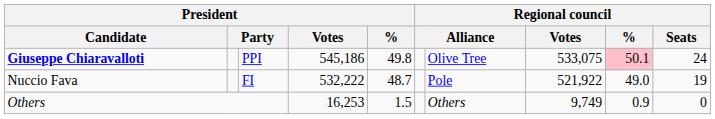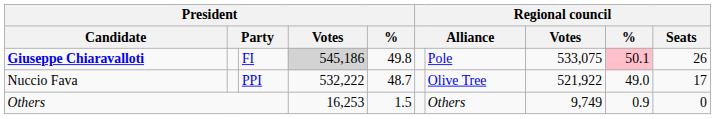 <table class="wikitable" style="text-align:right; style="width=65%">
 <tr>
 <th colspan="5">President</th>
 <th colspan="7">Regional council</th>
 </tr>
 <tr>
 <th>Candidate</th>
 <th colspan="2">Party</th>
 <th>Votes</th>
 <th>%</th>
 <th colspan="2">Alliance</th>
 <th>Votes</th>
 <th>%</th>
 <th>Seats</th>
 </tr>
 <tr>
 <td style="text-align:left"><strong><a href='#'>Giuseppe Chiaravalloti</a></strong></td>
 <td></td>
-<td style="text-align:left"><a href='#'>PPI</a></td>
-<td>545,186</td>
+<td style="text-align:left"><a href='#'>FI</a></td>
+<td style="background: lightgrey;">545,186</td>
 <td>49.8</td>
 <td></td>
-<td style="text-align:left"><a href='#'>Olive Tree</a></td>
+<td style="text-align:left"><a href='#'>Pole</a></td>
 <td>533,075</td>
 <td style="background: pink;">50.1</td>
-<td>24</td>
+<td>26</td>
 </tr>
 <tr>
 <td style="text-align:left">Nuccio Fava</td>
 <td></td>
-<td style="text-align:left"><a href='#'>FI</a></td>
+<td style="text-align:left"><a href='#'>PPI</a></td>
 <td>532,222</td>
 <td>48.7</td>
 <td></td>
-<td style="text-align:left"><a href='#'>Pole</a></td>
+<td style="text-align:left"><a href='#'>Olive Tree</a></td>
 <td>521,922</td>
 <td>49.0</td>
-<td>19</td>
+<td>17</td>
 </tr>
 <tr>
 <td colspan="3" style="text-align:left"><em>Others</em></td>
 <td>16,253</td>
 <td>1.5</td>
 <td></td>
 <td style="text-align:left"><em>Others</em></td>
 <td>9,749</td>
 <td>0.9</td>
 <td>0</td>
 </tr>
 </table>
